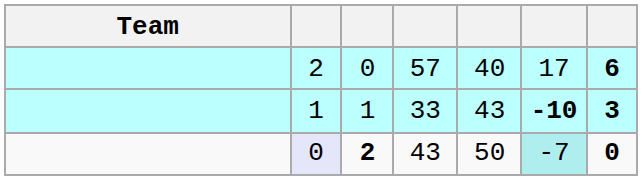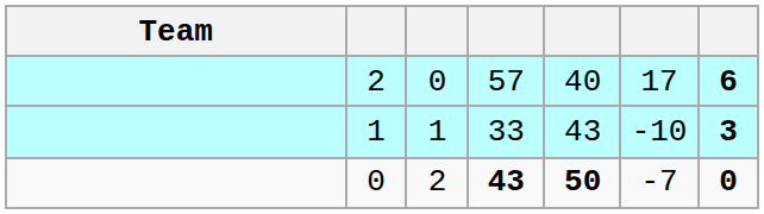 <table class="wikitable" style="text-align:center;">
 <tr>
 <th style="width:10.5em;">Team</th>
 <th style="width:1.5em;"></th>
 <th style="width:1.5em;"></th>
 <th style="width:2.0em;"></th>
 <th style="width:2.0em;"></th>
 <th style="width:2.0em;"></th>
 <th style="width:1.5em;"></th>
 </tr>
 <tr bgcolor=#bff>
 <td align="left"></td>
 <td>2</td>
 <td>0</td>
 <td>57</td>
 <td>40</td>
 <td>17</td>
 <td><strong>6</strong></td>
 </tr>
 <tr bgcolor=#bff>
 <td align="left"></td>
 <td>1</td>
 <td>1</td>
 <td>33</td>
 <td>43</td>
-<td><strong>-10</strong></td>
+<td>-10</td>
 <td><strong>3</strong></td>
 </tr>
 <tr>
 <td align="left"></td>
-<td style="background: lavender;">0</td>
-<td><strong>2</strong></td>
-<td>43</td>
-<td>50</td>
-<td style="background: paleturquoise;">-7</td>
+<td>0</td>
+<td>2</td>
+<td><strong>43</strong></td>
+<td><strong>50</strong></td>
+<td>-7</td>
 <td><strong>0</strong></td>
 </tr>
 </table>
